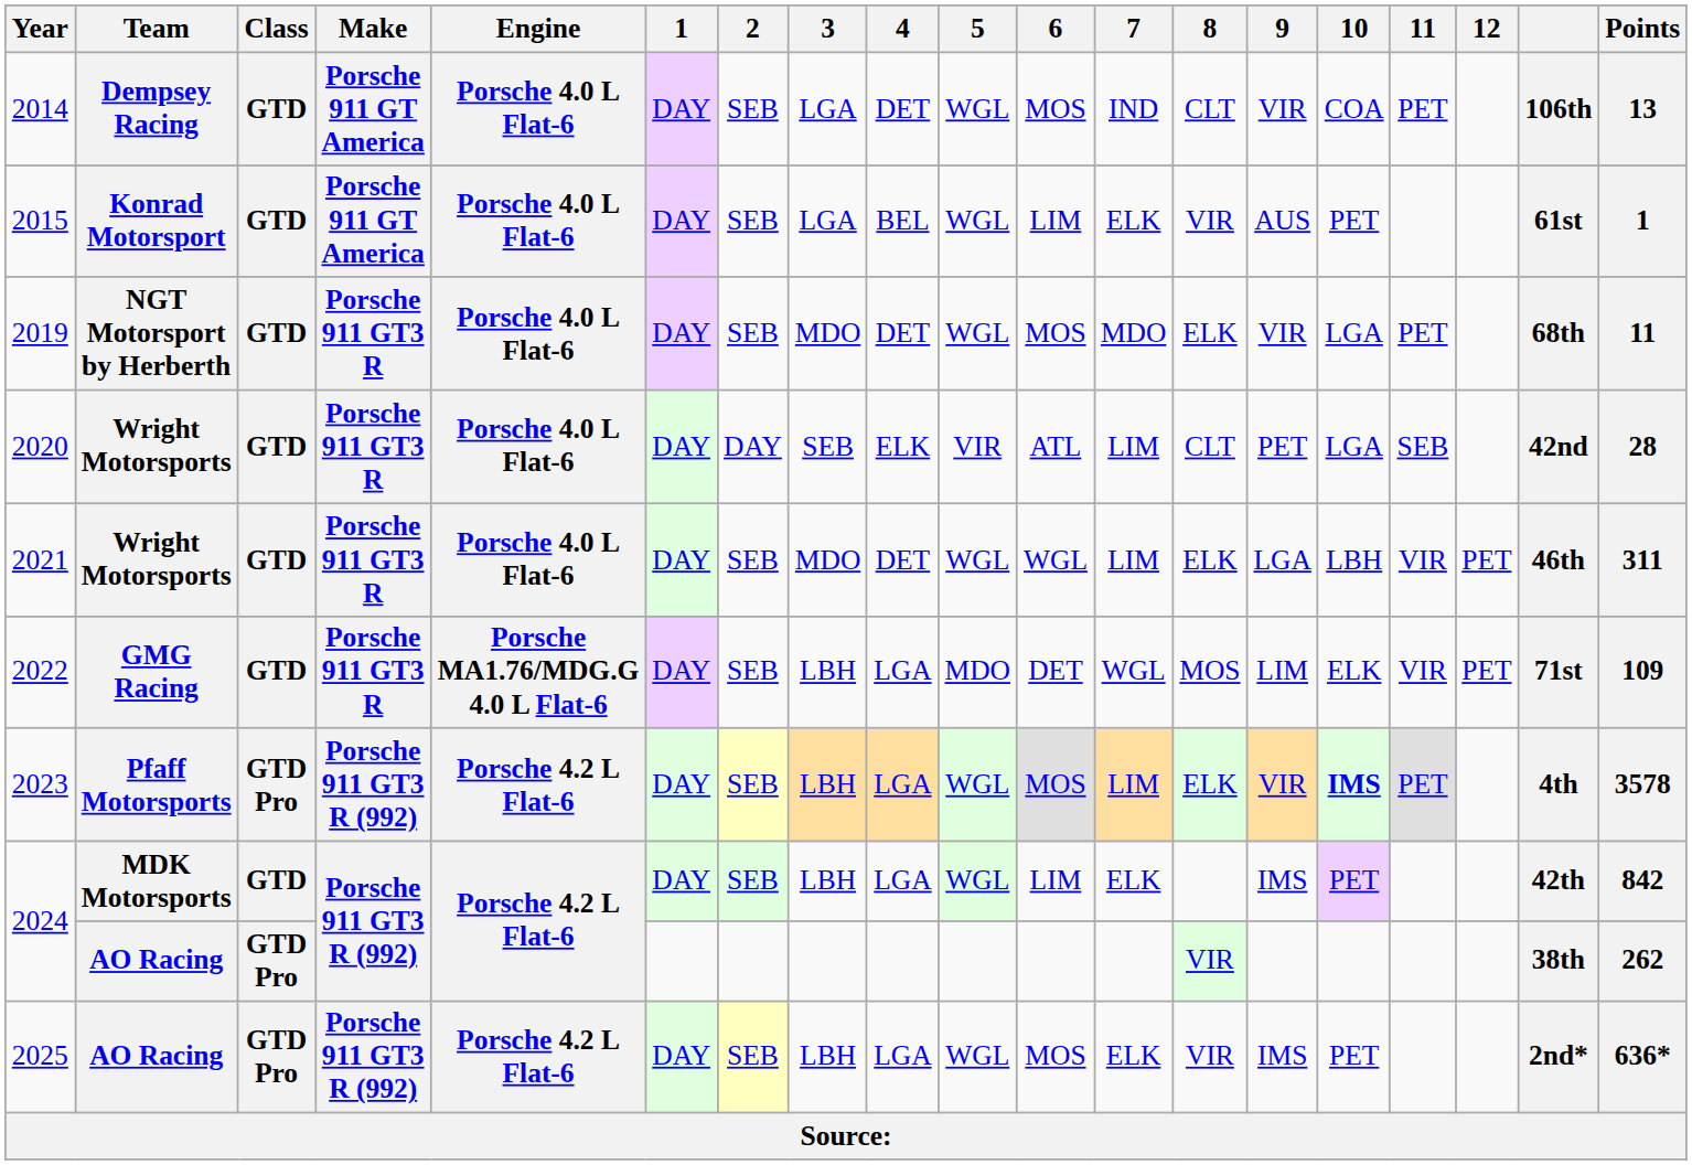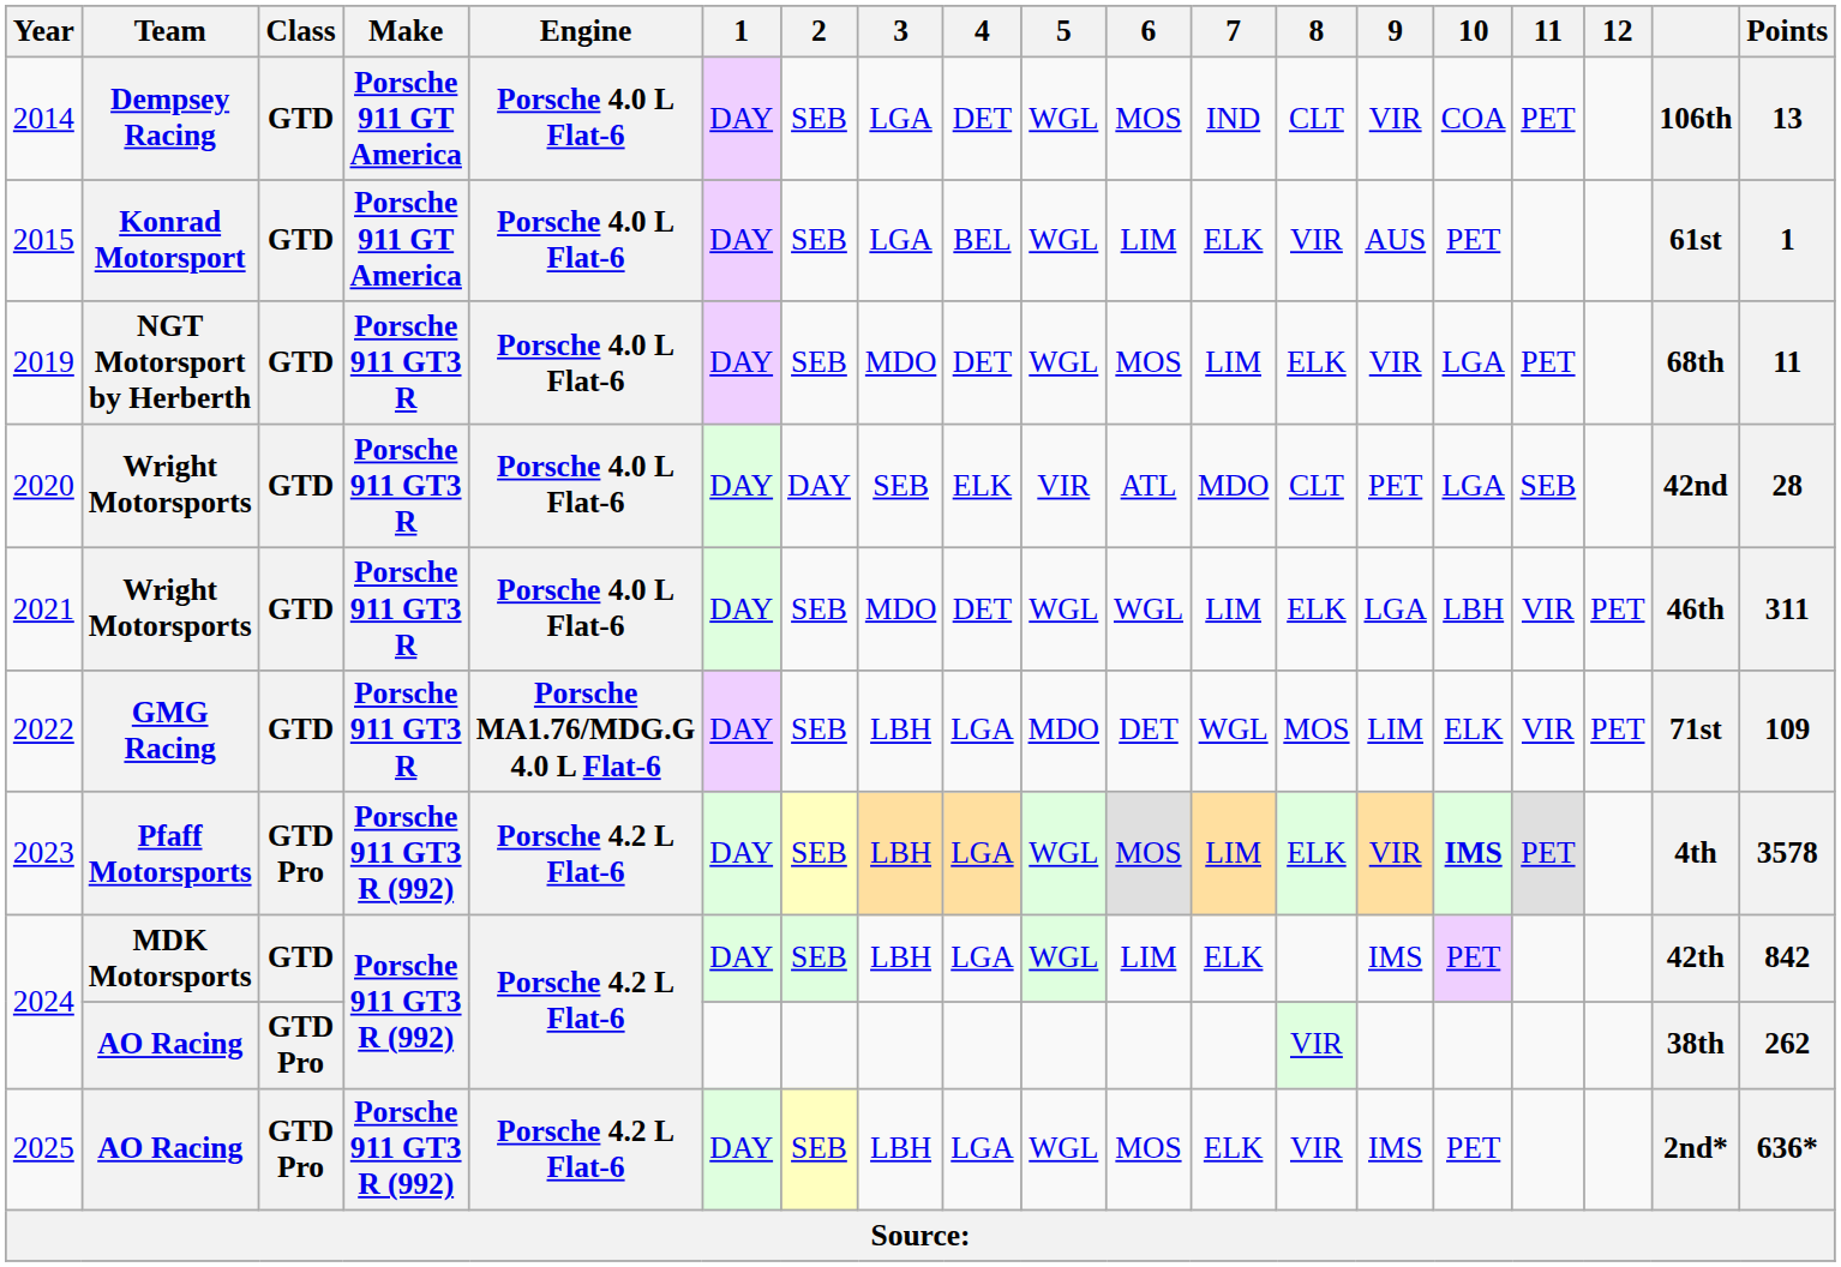 <table class="wikitable" style="text-align:center; font-size:90%">
 <tr>
 <th>Year</th>
 <th>Team</th>
 <th>Class</th>
 <th>Make</th>
 <th>Engine</th>
 <th>1</th>
 <th>2</th>
 <th>3</th>
 <th>4</th>
 <th>5</th>
 <th>6</th>
 <th>7</th>
 <th>8</th>
 <th>9</th>
 <th>10</th>
 <th>11</th>
 <th>12</th>
 <th></th>
 <th>Points</th>
 </tr>
 <tr>
 <td><a href='#'>2014</a></td>
 <th><a href='#'>Dempsey Racing</a></th>
 <th>GTD</th>
 <th><a href='#'>Porsche 911 GT America</a></th>
 <th><a href='#'>Porsche</a> 4.0 L <a href='#'>Flat-6</a></th>
 <td style="background:#EFCFFF;"><a href='#'>DAY</a><br></td>
 <td><a href='#'>SEB</a></td>
 <td><a href='#'>LGA</a></td>
 <td><a href='#'>DET</a></td>
 <td><a href='#'>WGL</a></td>
 <td><a href='#'>MOS</a></td>
 <td><a href='#'>IND</a></td>
 <td><a href='#'>CLT</a></td>
 <td><a href='#'>VIR</a></td>
 <td><a href='#'>COA</a></td>
 <td><a href='#'>PET</a></td>
 <td></td>
 <th>106th</th>
 <th>13</th>
 </tr>
 <tr>
 <td><a href='#'>2015</a></td>
 <th><a href='#'>Konrad Motorsport</a></th>
 <th>GTD</th>
 <th><a href='#'>Porsche 911 GT America</a></th>
 <th><a href='#'>Porsche</a> 4.0 L <a href='#'>Flat-6</a></th>
 <td style="background:#EFCFFF;"><a href='#'>DAY</a><br></td>
 <td><a href='#'>SEB</a></td>
 <td style="background:#;”"><a href='#'>LGA</a></td>
 <td><a href='#'>BEL</a></td>
 <td><a href='#'>WGL</a></td>
 <td><a href='#'>LIM</a></td>
 <td><a href='#'>ELK</a></td>
 <td><a href='#'>VIR</a></td>
 <td><a href='#'>AUS</a></td>
 <td><a href='#'>PET</a></td>
 <td></td>
 <td></td>
 <th>61st</th>
 <th>1</th>
 </tr>
 <tr>
 <td><a href='#'>2019</a></td>
 <th>NGT Motorsport by Herberth</th>
 <th>GTD</th>
 <th><a href='#'>Porsche 911 GT3 R</a></th>
 <th><a href='#'>Porsche</a> 4.0 L Flat-6</th>
 <td style="background:#EFCFFF;"><a href='#'>DAY</a><br></td>
 <td><a href='#'>SEB</a></td>
 <td><a href='#'>MDO</a></td>
 <td><a href='#'>DET</a></td>
 <td><a href='#'>WGL</a></td>
 <td><a href='#'>MOS</a></td>
-<td><a href='#'>MDO</a></td>
+<td><a href='#'>LIM</a></td>
 <td><a href='#'>ELK</a></td>
 <td><a href='#'>VIR</a></td>
 <td><a href='#'>LGA</a></td>
 <td><a href='#'>PET</a></td>
 <td></td>
 <th>68th</th>
 <th>11</th>
 </tr>
 <tr>
 <td><a href='#'>2020</a></td>
 <th>Wright Motorsports</th>
 <th>GTD</th>
 <th><a href='#'>Porsche 911 GT3 R</a></th>
 <th><a href='#'>Porsche</a> 4.0 L Flat-6</th>
 <td style="background:#DFFFDF;"><a href='#'>DAY</a><br></td>
 <td><a href='#'>DAY</a></td>
 <td><a href='#'>SEB</a></td>
 <td><a href='#'>ELK</a></td>
 <td><a href='#'>VIR</a></td>
 <td><a href='#'>ATL</a></td>
-<td><a href='#'>LIM</a></td>
+<td><a href='#'>MDO</a></td>
 <td><a href='#'>CLT</a></td>
 <td><a href='#'>PET</a></td>
 <td><a href='#'>LGA</a></td>
 <td><a href='#'>SEB</a></td>
 <td></td>
 <th>42nd</th>
 <th>28</th>
 </tr>
 <tr>
 <td><a href='#'>2021</a></td>
 <th>Wright Motorsports</th>
 <th>GTD</th>
 <th><a href='#'>Porsche 911 GT3 R</a></th>
 <th><a href='#'>Porsche</a> 4.0 L Flat-6</th>
 <td style="background:#DFFFDF;"><a href='#'>DAY</a><br></td>
 <td><a href='#'>SEB</a></td>
 <td><a href='#'>MDO</a></td>
 <td><a href='#'>DET</a></td>
 <td><a href='#'>WGL</a></td>
 <td><a href='#'>WGL</a></td>
 <td><a href='#'>LIM</a></td>
 <td><a href='#'>ELK</a></td>
 <td><a href='#'>LGA</a></td>
 <td><a href='#'>LBH</a></td>
 <td><a href='#'>VIR</a></td>
 <td><a href='#'>PET</a></td>
 <th>46th</th>
 <th>311</th>
 </tr>
 <tr>
 <td><a href='#'>2022</a></td>
 <th><a href='#'>GMG Racing</a></th>
 <th>GTD</th>
 <th><a href='#'>Porsche 911 GT3 R</a></th>
 <th><a href='#'>Porsche</a> MA1.76/MDG.G 4.0 L <a href='#'>Flat-6</a></th>
 <td style="background:#EFCFFF;"><a href='#'>DAY</a><br></td>
 <td style="background:#;”"><a href='#'>SEB</a><br></td>
 <td style="background:#;”"><a href='#'>LBH</a><br></td>
 <td style="background:#;”"><a href='#'>LGA</a><br></td>
 <td style="background:#;”"><a href='#'>MDO</a><br></td>
 <td style="background:#;”"><a href='#'>DET</a><br></td>
 <td style="background:#;”"><a href='#'>WGL</a><br></td>
 <td style="background:#;”"><a href='#'>MOS</a><br></td>
 <td style="background:#;”"><a href='#'>LIM</a><br></td>
 <td style="background:#;”"><a href='#'>ELK</a><br></td>
 <td style="background:#;”"><a href='#'>VIR</a><br></td>
 <td style="background:#;”"><a href='#'>PET</a><br></td>
 <th>71st</th>
 <th>109</th>
 </tr>
 <tr>
 <td><a href='#'>2023</a></td>
 <th><a href='#'>Pfaff Motorsports</a></th>
 <th>GTD Pro</th>
 <th><a href='#'>Porsche 911 GT3 R (992)</a></th>
 <th><a href='#'>Porsche</a> 4.2 L <a href='#'>Flat-6</a></th>
 <td style="background:#DFFFDF;"><a href='#'>DAY</a><br></td>
 <td style="background:#FFFFBF;"><a href='#'>SEB</a><br></td>
 <td style="background:#FFDF9F;"><a href='#'>LBH</a><br></td>
 <td style="background:#FFDF9F;"><a href='#'>LGA</a><br></td>
 <td style="background:#DFFFDF;"><a href='#'>WGL</a><br></td>
 <td style="background:#DFDFDF;"><a href='#'>MOS</a><br></td>
 <td style="background:#FFDF9F;"><a href='#'>LIM</a><br></td>
 <td style="background:#DFFFDF;"><a href='#'>ELK</a><br></td>
 <td style="background:#FFDF9F;"><a href='#'>VIR</a><br></td>
 <td style="background:#DFFFDF;"><strong><a href='#'>IMS</a></strong><br></td>
 <td style="background:#DFDFDF;"><a href='#'>PET</a><br></td>
 <td></td>
 <th>4th</th>
 <th>3578</th>
 </tr>
 <tr>
 <td rowspan="2"><a href='#'>2024</a></td>
 <th>MDK Motorsports</th>
 <th>GTD</th>
 <th rowspan="2"><a href='#'>Porsche 911 GT3 R (992)</a></th>
 <th rowspan="2"><a href='#'>Porsche</a> 4.2 L <a href='#'>Flat-6</a></th>
 <td style="background:#DFFFDF;"><a href='#'>DAY</a><br></td>
 <td style="background:#DFFFDF;"><a href='#'>SEB</a><br></td>
 <td><a href='#'>LBH</a></td>
 <td><a href='#'>LGA</a></td>
 <td style="background:#DFFFDF;"><a href='#'>WGL</a><br></td>
 <td><a href='#'>LIM</a></td>
 <td><a href='#'>ELK</a></td>
 <td></td>
 <td><a href='#'>IMS</a></td>
 <td style="background:#EFCFFF;"><a href='#'>PET</a><br></td>
 <td></td>
 <td></td>
 <th>42th</th>
 <th>842</th>
 </tr>
 <tr>
 <th><a href='#'>AO Racing</a></th>
 <th>GTD Pro</th>
 <td></td>
 <td></td>
 <td></td>
 <td></td>
 <td></td>
 <td></td>
 <td></td>
 <td style="background:#DFFFDF;"><a href='#'>VIR</a><br></td>
 <td></td>
 <td></td>
 <td></td>
 <td></td>
 <th>38th</th>
 <th>262</th>
 </tr>
 <tr>
 <td><a href='#'>2025</a></td>
 <th><a href='#'>AO Racing</a></th>
 <th>GTD Pro</th>
 <th><a href='#'>Porsche 911 GT3 R (992)</a></th>
 <th><a href='#'>Porsche</a> 4.2 L <a href='#'>Flat-6</a></th>
 <td style="background:#DFFFDF;"><a href='#'>DAY</a><br></td>
 <td style="background:#FFFFBF;"><a href='#'>SEB</a><br></td>
 <td><a href='#'>LBH</a></td>
 <td><a href='#'>LGA</a></td>
 <td><a href='#'>WGL</a></td>
 <td><a href='#'>MOS</a></td>
 <td><a href='#'>ELK</a></td>
 <td><a href='#'>VIR</a></td>
 <td><a href='#'>IMS</a></td>
 <td><a href='#'>PET</a></td>
 <td></td>
 <td></td>
 <th>2nd*</th>
 <th>636*</th>
 </tr>
 <tr>
 <th colspan="19">Source:</th>
 </tr>
 </table>
